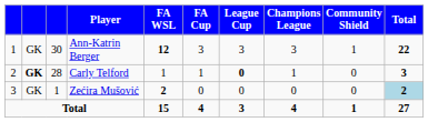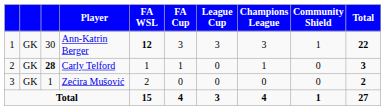 <table class="wikitable" style="text-align:center;">
 <tr>
 <th style="background:#00f; color:white; width:35px;"></th>
 <th style="background:#00f; color:white; width:35px;"></th>
 <th style="background:#00f; color:white; width:35px;"></th>
 <th style="background:#00f; color:white; width:200px;">Player</th>
 <th style="background:#00f; color:white; width:75px;">FA WSL</th>
 <th style="background:#00f; color:white; width:75px;">FA Cup</th>
 <th style="background:#00f; color:white; width:75px;">League Cup</th>
 <th style="background:#00f; color:white; width:75px;">Champions League</th>
 <th style="background:#00f; color:white; width:75px;">Community Shield</th>
 <th style="background:#00f; color:white; width:75px;">Total</th>
 </tr>
 <tr>
 <td rowspan="1">1</td>
 <td>GK</td>
 <td>30</td>
 <td align=left> <a href='#'>Ann-Katrin Berger</a></td>
 <td><strong>12</strong></td>
 <td>3</td>
 <td>3</td>
 <td>3</td>
 <td>1</td>
 <td><strong>22</strong></td>
 </tr>
 <tr>
 <td rowspan="1">2</td>
-<td><strong>GK</strong></td>
-<td>28</td>
+<td>GK</td>
+<td><strong>28</strong></td>
 <td align=left> <a href='#'>Carly Telford</a></td>
 <td>1</td>
 <td>1</td>
-<td><strong>0</strong></td>
+<td>0</td>
 <td>1</td>
 <td>0</td>
 <td><strong>3</strong></td>
 </tr>
 <tr>
 <td rowspan="1">3</td>
 <td>GK</td>
 <td>1</td>
 <td align=left> <a href='#'>Zećira Mušović</a></td>
-<td><strong>2</strong></td>
+<td>2</td>
 <td>0</td>
 <td>0</td>
 <td>0</td>
 <td>0</td>
-<td style="background: lightblue;"><strong>2</strong></td>
+<td><strong>2</strong></td>
 </tr>
 <tr>
 <td colspan="4"><strong>Total</strong></td>
 <td><strong>15</strong></td>
 <td><strong>4</strong></td>
 <td><strong>3</strong></td>
 <td><strong>4</strong></td>
 <td><strong>1</strong></td>
 <td><strong>27</strong></td>
 </tr>
 </table>
